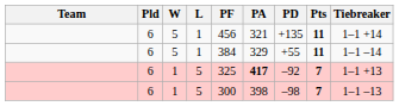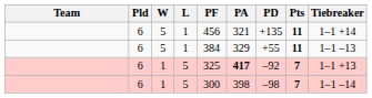 <table class="wikitable" style="text-align:center;">
 <tr>
 <th width=170>Team</th>
 <th width=25>Pld</th>
 <th width=25>W</th>
 <th width=25>L</th>
 <th width=35>PF</th>
 <th width=35>PA</th>
 <th width=35>PD</th>
 <th width=25>Pts</th>
 <th width=50>Tiebreaker</th>
 </tr>
 <tr bgcolor=>
 <td align="left"></td>
 <td>6</td>
 <td>5</td>
 <td>1</td>
 <td>456</td>
 <td>321</td>
 <td>+135</td>
 <td><strong>11</strong></td>
 <td>1–1 +14</td>
 </tr>
 <tr bgcolor=>
 <td align="left"></td>
 <td>6</td>
 <td>5</td>
 <td>1</td>
 <td>384</td>
 <td>329</td>
 <td>+55</td>
 <td><strong>11</strong></td>
-<td>1–1 –14</td>
+<td>1–1 –13</td>
 </tr>
 <tr bgcolor=ffcccc>
 <td align="left"></td>
 <td>6</td>
 <td>1</td>
 <td>5</td>
 <td>325</td>
 <td><strong>417</strong></td>
 <td>–92</td>
 <td><strong>7</strong></td>
 <td>1–1 +13</td>
 </tr>
 <tr bgcolor=ffcccc>
 <td align="left"></td>
 <td>6</td>
 <td>1</td>
 <td>5</td>
 <td>300</td>
 <td>398</td>
 <td>–98</td>
 <td><strong>7</strong></td>
-<td>1–1 –13</td>
+<td>1–1 –14</td>
 </tr>
 </table>
